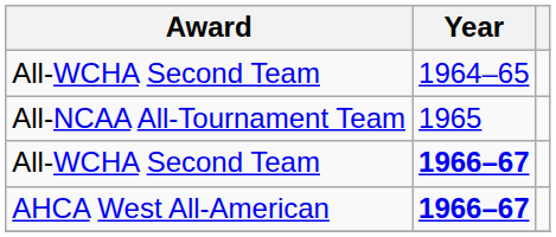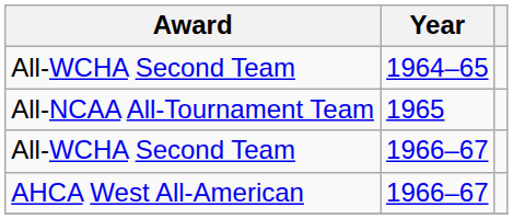 <table class="wikitable">
 <tr>
 <th>Award</th>
 <th>Year</th>
 <th></th>
 </tr>
 <tr>
 <td>All-<a href='#'>WCHA</a> <a href='#'>Second Team</a></td>
 <td><a href='#'>1964–65</a></td>
 <td></td>
 </tr>
 <tr>
 <td>All-<a href='#'>NCAA</a> <a href='#'>All-Tournament Team</a></td>
 <td><a href='#'>1965</a></td>
 <td></td>
 </tr>
 <tr>
 <td>All-<a href='#'>WCHA</a> <a href='#'>Second Team</a></td>
-<td><strong><a href='#'>1966–67</a></strong></td>
+<td><a href='#'>1966–67</a></td>
 <td></td>
 </tr>
 <tr>
 <td><a href='#'>AHCA</a> <a href='#'>West All-American</a></td>
-<td><strong><a href='#'>1966–67</a></strong></td>
+<td><a href='#'>1966–67</a></td>
 <td></td>
 </tr>
 <tr>
 </tr>
 </table>
